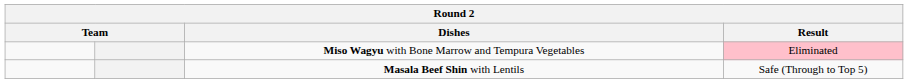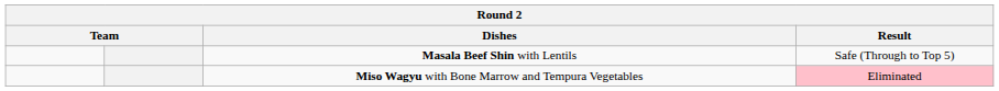 <table class="wikitable plainrowheaders" style="margin:1em auto; text-align:center; font-size:90%; width:80em;">
 <tr>
 <th colspan="4" >Round 2</th>
 </tr>
 <tr>
 <th style="width:20%;" colspan="2">Team</th>
 <th style="width:60%;">Dishes</th>
 <th style="width:20%;">Result</th>
 </tr>
 <tr>
 <td></td>
 <th></th>
-<td><strong>Miso Wagyu</strong> with Bone Marrow and Tempura Vegetables</td>
-<td bgcolor="pink">Eliminated</td>
+<td><strong>Masala Beef Shin</strong> with Lentils</td>
+<td>Safe (Through to Top 5)</td>
 </tr>
 <tr>
 <td></td>
 <th></th>
-<td><strong>Masala Beef Shin</strong> with Lentils</td>
-<td>Safe (Through to Top 5)</td>
+<td><strong>Miso Wagyu</strong> with Bone Marrow and Tempura Vegetables</td>
+<td bgcolor="pink">Eliminated</td>
 </tr>
 </table>
